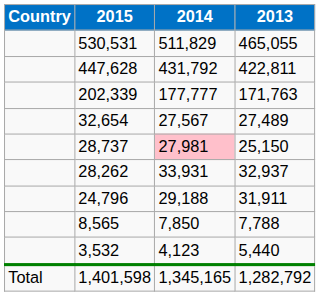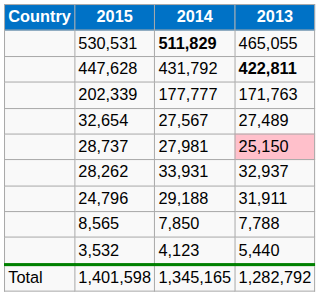 <table class="wikitable sortable">
 <tr>
 </tr>
 <tr style=color:white>
 <th style=background:#0072C6>Country</th>
 <th style=background:#0072C6>2015</th>
 <th style=background:#0072C6>2014</th>
 <th style=background:#0072C6>2013</th>
 </tr>
 <tr>
 <td></td>
 <td>530,531</td>
-<td>511,829</td>
+<td><strong>511,829</strong></td>
 <td>465,055</td>
 </tr>
 <tr>
 <td></td>
 <td>447,628</td>
 <td>431,792</td>
-<td>422,811</td>
+<td><strong>422,811</strong></td>
 </tr>
 <tr>
 <td></td>
 <td>202,339</td>
 <td>177,777</td>
 <td>171,763</td>
 </tr>
 <tr>
 <td></td>
 <td>32,654</td>
 <td>27,567</td>
 <td>27,489</td>
 </tr>
 <tr>
 <td></td>
 <td>28,737</td>
-<td style="background: pink;">27,981</td>
-<td>25,150</td>
+<td>27,981</td>
+<td style="background: pink;">25,150</td>
 </tr>
 <tr>
 <td></td>
 <td>28,262</td>
 <td>33,931</td>
 <td>32,937</td>
 </tr>
 <tr>
 <td></td>
 <td>24,796</td>
 <td>29,188</td>
 <td>31,911</td>
 </tr>
 <tr>
 <td></td>
 <td>8,565</td>
 <td>7,850</td>
 <td>7,788</td>
 </tr>
 <tr>
 <td></td>
 <td>3,532</td>
 <td>4,123</td>
 <td>5,440</td>
 </tr>
 <tr style="border-top:3px solid green;">
 <td>Total</td>
 <td>1,401,598</td>
 <td>1,345,165</td>
 <td>1,282,792</td>
 </tr>
 </table>
